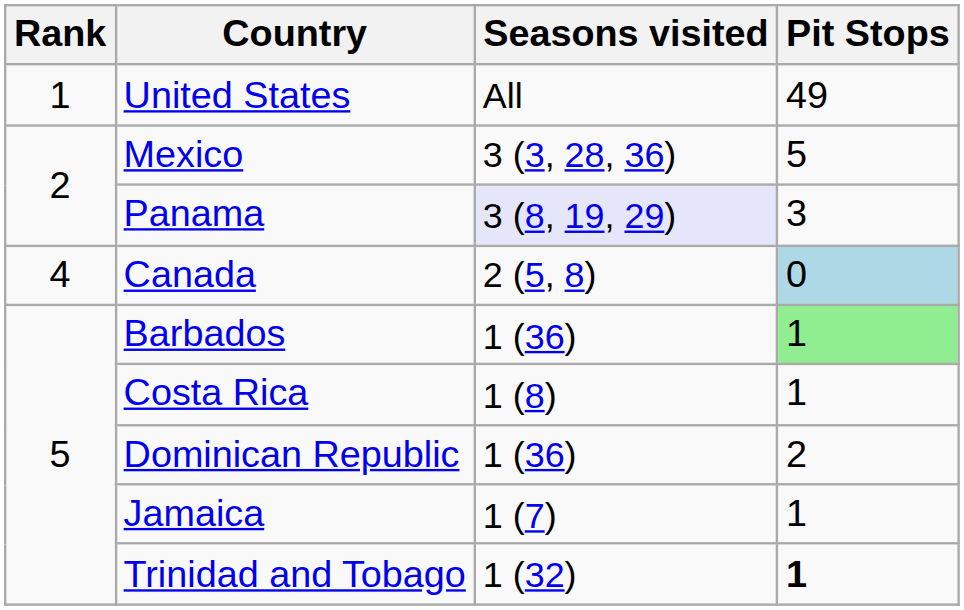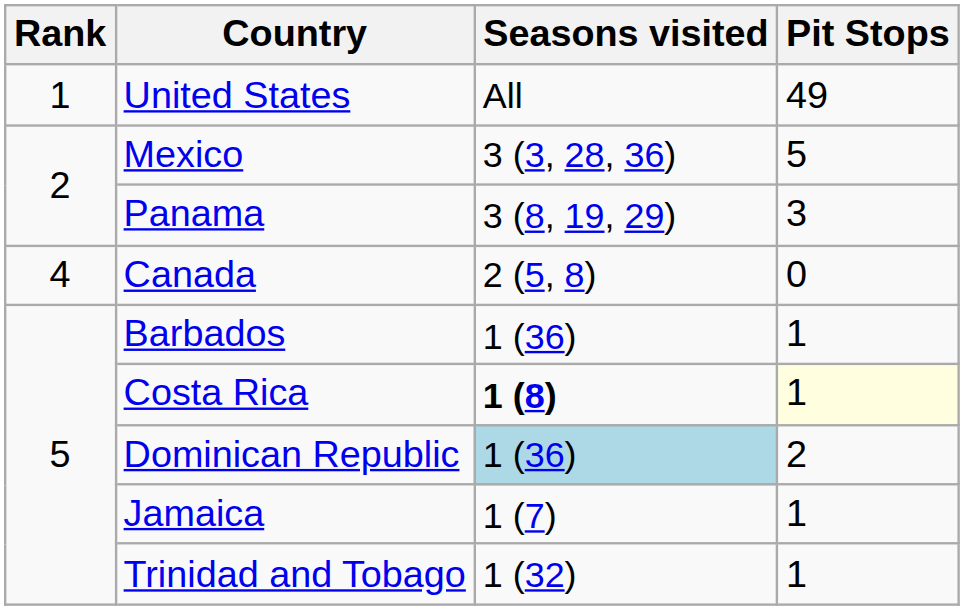 <table class="wikitable">
 <tr>
 <th>Rank</th>
 <th>Country</th>
 <th>Seasons visited</th>
 <th>Pit Stops</th>
 </tr>
 <tr>
 <td style="text-align:center;">1</td>
 <td><a href='#'>United States</a></td>
 <td style="font-size:95%">All</td>
 <td>49</td>
 </tr>
 <tr>
 <td rowspan="2" style="text-align:center;">2</td>
 <td><a href='#'>Mexico</a></td>
 <td style="font-size:95%">3 (<a href='#'>3</a>, <a href='#'>28</a>, <a href='#'>36</a>)</td>
 <td>5</td>
 </tr>
 <tr>
 <td><a href='#'>Panama</a></td>
-<td style="background: lavender; font-size:95%">3 (<a href='#'>8</a>, <a href='#'>19</a>, <a href='#'>29</a>)</td>
+<td style="font-size:95%">3 (<a href='#'>8</a>, <a href='#'>19</a>, <a href='#'>29</a>)</td>
 <td>3</td>
 </tr>
 <tr>
 <td style="text-align:center;">4</td>
 <td><a href='#'>Canada</a></td>
 <td style="font-size:95%">2 (<a href='#'>5</a>, <a href='#'>8</a>)</td>
-<td style="background: lightblue;">0</td>
+<td>0</td>
 </tr>
 <tr>
 <td rowspan="5" style="text-align:center;">5</td>
 <td><a href='#'>Barbados</a></td>
 <td style="font-size:95%">1 (<a href='#'>36</a>)</td>
-<td style="background: lightgreen;">1</td>
+<td>1</td>
 </tr>
 <tr>
 <td><a href='#'>Costa Rica</a></td>
-<td style="font-size:95%">1 (<a href='#'>8</a>)</td>
-<td>1</td>
+<td style="font-size:95%"><strong>1 (<a href='#'>8</a>)</strong></td>
+<td style="background: lightyellow;">1</td>
 </tr>
 <tr>
 <td><a href='#'>Dominican Republic</a></td>
-<td style="font-size:95%">1 (<a href='#'>36</a>)</td>
+<td style="background: lightblue; font-size:95%">1 (<a href='#'>36</a>)</td>
 <td>2</td>
 </tr>
 <tr>
 <td><a href='#'>Jamaica</a></td>
 <td style="font-size:95%">1 (<a href='#'>7</a>)</td>
 <td>1</td>
 </tr>
 <tr>
 <td><a href='#'>Trinidad and Tobago</a></td>
 <td style="font-size:95%">1 (<a href='#'>32</a>)</td>
-<td><strong>1</strong></td>
+<td>1</td>
 </tr>
 </table>
